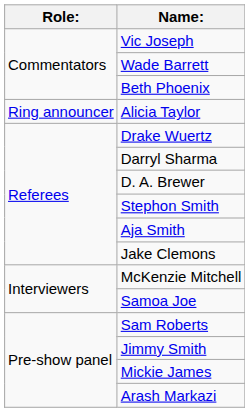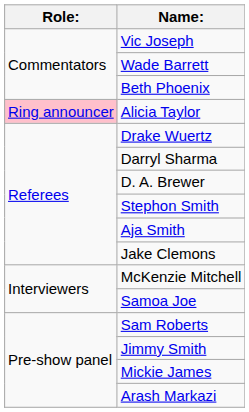 <table class=wikitable style="font-size:90%; margin: 0.5em 0 0.5em 1em; float: right; clear: right;">
 <tr>
 <th>Role:</th>
 <th>Name:</th>
 </tr>
 <tr>
 <td rowspan=3>Commentators</td>
 <td><a href='#'>Vic Joseph</a></td>
 </tr>
 <tr>
 <td><a href='#'>Wade Barrett</a></td>
 </tr>
 <tr>
 <td><a href='#'>Beth Phoenix</a></td>
 </tr>
 <tr>
-<td><a href='#'>Ring announcer</a></td>
+<td style="background: pink;"><a href='#'>Ring announcer</a></td>
 <td><a href='#'>Alicia Taylor</a></td>
 </tr>
 <tr>
 <td rowspan=6><a href='#'>Referees</a></td>
 <td><a href='#'>Drake Wuertz</a></td>
 </tr>
 <tr>
 <td>Darryl Sharma</td>
 </tr>
 <tr>
 <td>D. A. Brewer</td>
 </tr>
 <tr>
 <td><a href='#'>Stephon Smith</a></td>
 </tr>
 <tr>
 <td><a href='#'>Aja Smith</a></td>
 </tr>
 <tr>
 <td>Jake Clemons</td>
 </tr>
 <tr>
 <td rowspan=2>Interviewers</td>
 <td>McKenzie Mitchell</td>
 </tr>
 <tr>
 <td><a href='#'>Samoa Joe</a></td>
 </tr>
 <tr>
 <td rowspan=4>Pre-show panel</td>
 <td><a href='#'>Sam Roberts</a></td>
 </tr>
 <tr>
 <td><a href='#'>Jimmy Smith</a></td>
 </tr>
 <tr>
 <td><a href='#'>Mickie James</a></td>
 </tr>
 <tr>
 <td><a href='#'>Arash Markazi</a></td>
 </tr>
 </table>
